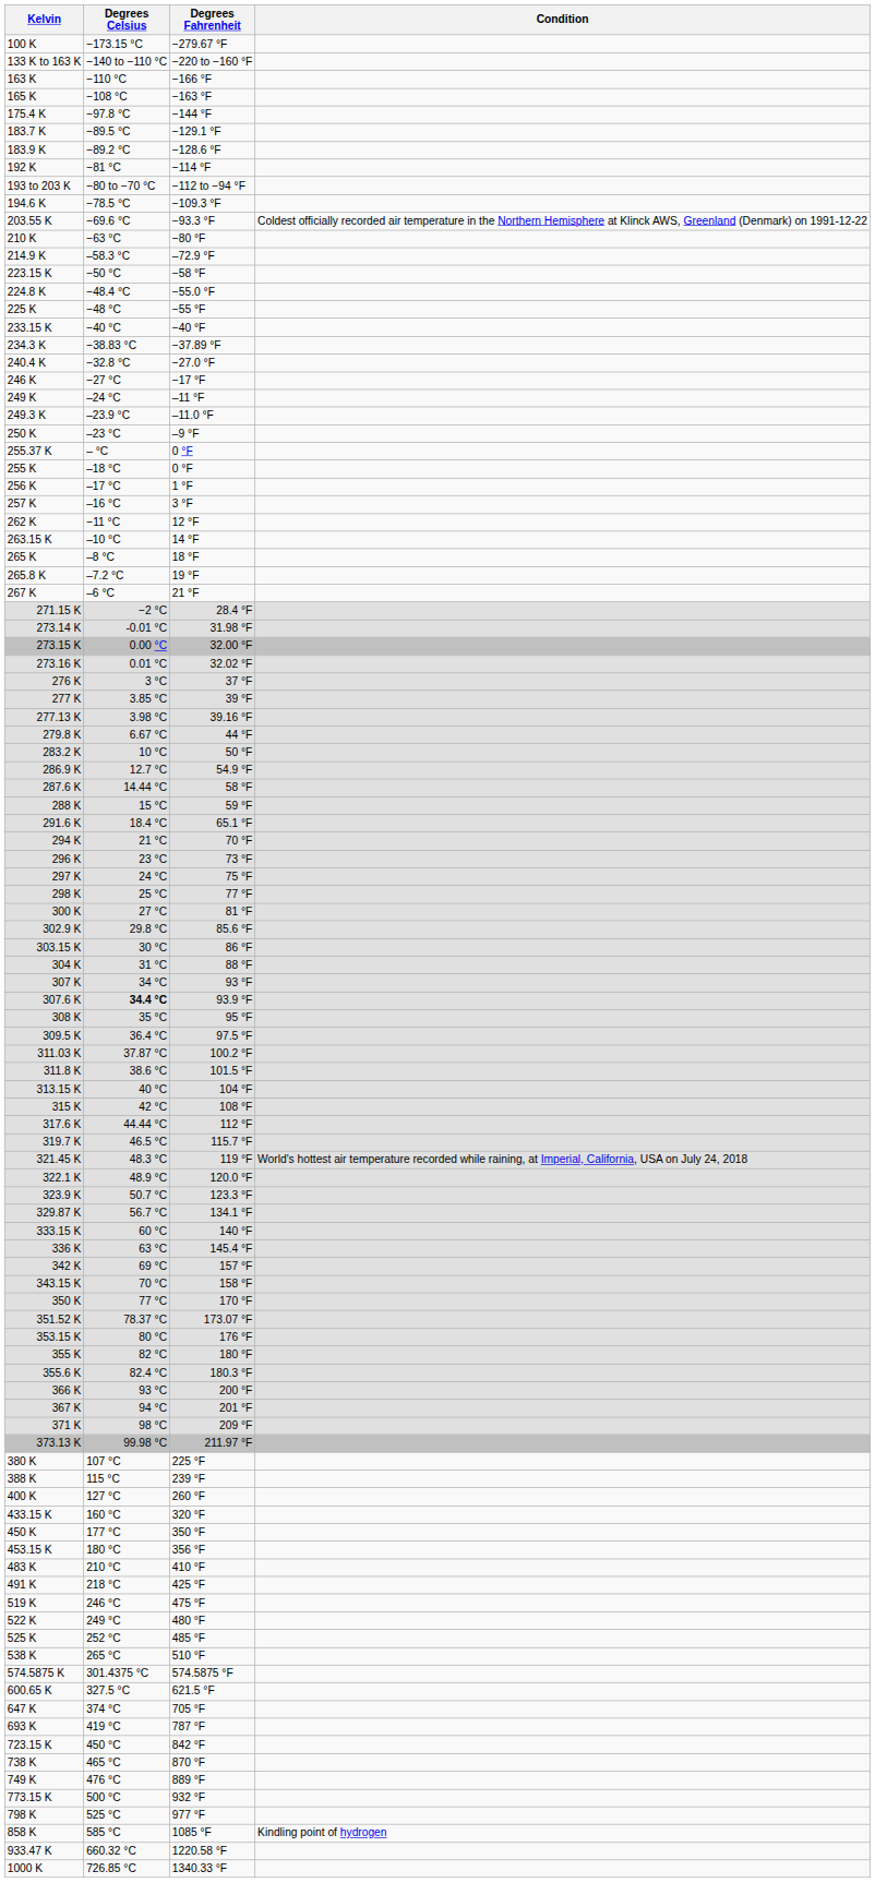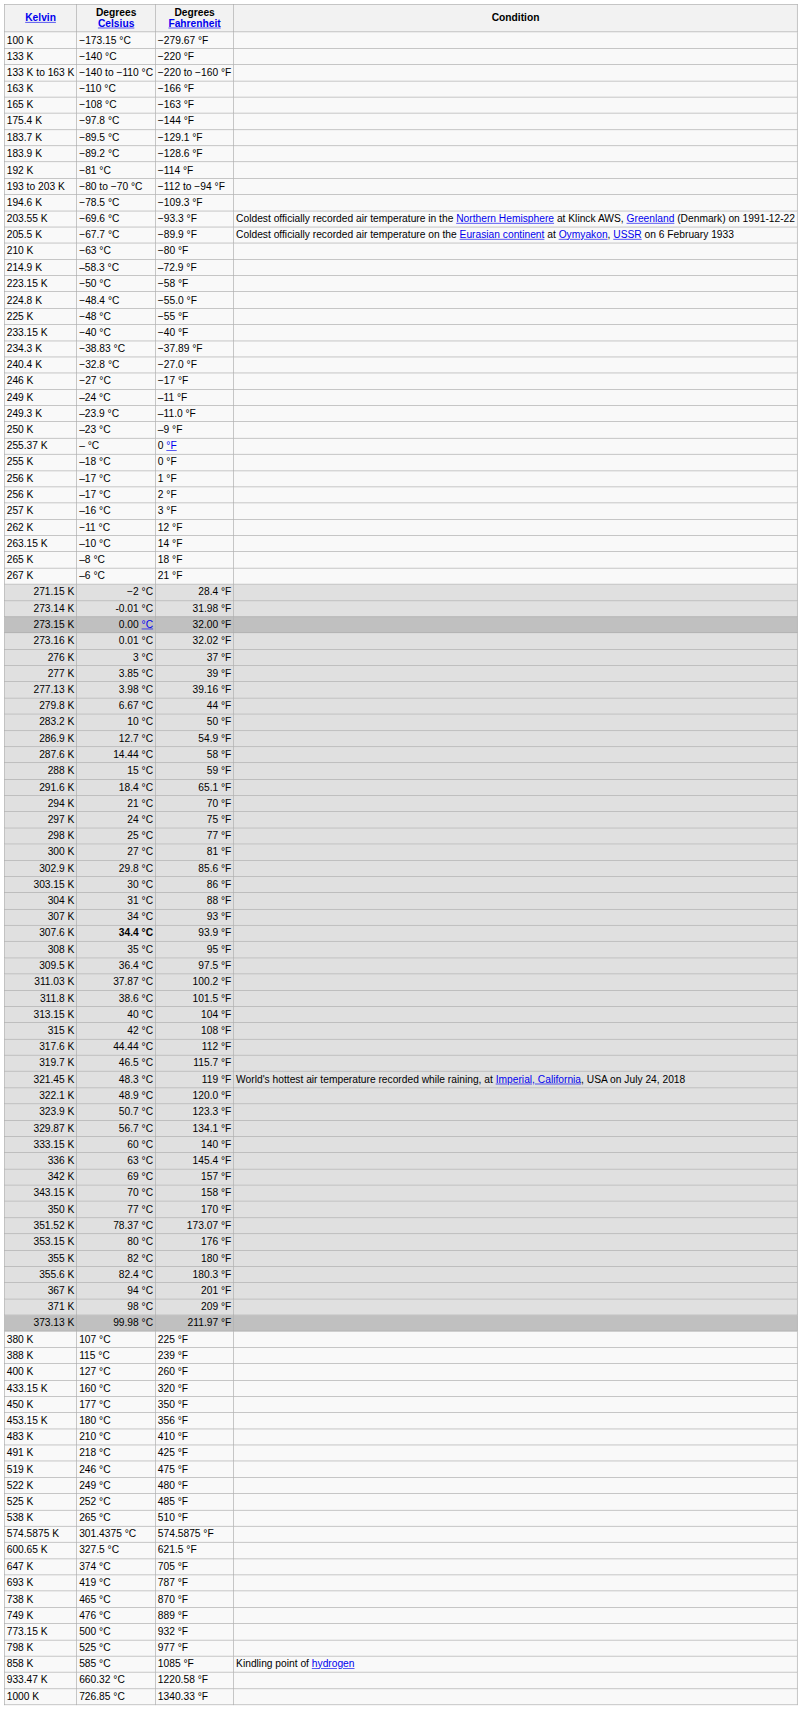 <table class="wikitable" style="align:right">
 <tr>
 <th><a href='#'>Kelvin</a></th>
 <th>Degrees<br><a href='#'>Celsius</a></th>
 <th>Degrees<br><a href='#'>Fahrenheit</a></th>
 <th>Condition</th>
 </tr>
 <tr>
 <td>100 K</td>
 <td>−173.15 °C</td>
 <td>−279.67 °F</td>
+<td style="text-align:left"></td>
+</tr>
+<tr>
+<td>133 K</td>
+<td>−140 °C</td>
+<td>−220 °F</td>
 <td style="text-align:left"></td>
 </tr>
 <tr>
 <td>133 K to 163 K</td>
 <td>−140 to −110 °C</td>
 <td>−220 to −160 °F</td>
 <td style="text-align:left"></td>
 </tr>
 <tr>
 <td>163 K</td>
 <td>−110 °C</td>
 <td>−166 °F</td>
 <td style="text-align:left"></td>
 </tr>
 <tr>
 <td>165 K</td>
 <td>−108 °C</td>
 <td>−163 °F</td>
 <td style="text-align:left"></td>
 </tr>
 <tr>
 <td>175.4 K</td>
 <td>−97.8 °C</td>
 <td>−144 °F</td>
 <td style="text-align:left"></td>
 </tr>
 <tr>
 <td>183.7 K</td>
 <td>−89.5 °C</td>
 <td>−129.1 °F</td>
 <td style="text-align:left"></td>
 </tr>
 <tr>
 <td>183.9 K</td>
 <td>−89.2 °C</td>
 <td>−128.6 °F</td>
 <td style="text-align:left"></td>
 </tr>
 <tr>
 <td>192 K</td>
 <td>−81 °C</td>
 <td>−114 °F</td>
 <td style="text-align:left"></td>
 </tr>
 <tr>
 <td>193 to 203 K</td>
 <td>−80 to −70 °C</td>
 <td>−112 to −94 °F</td>
 <td style="text-align:left"></td>
 </tr>
 <tr>
 <td>194.6 K</td>
 <td>−78.5 °C</td>
 <td>−109.3 °F</td>
 <td style="text-align:left"></td>
 </tr>
 <tr>
 <td>203.55 K</td>
 <td>−69.6 °C</td>
 <td>−93.3 °F</td>
 <td align="left">Coldest officially recorded air temperature in the <a href='#'>Northern Hemisphere</a> at Klinck AWS, <a href='#'>Greenland</a> (Denmark) on 1991-12-22</td>
+</tr>
+<tr>
+<td>205.5 K</td>
+<td>−67.7 °C</td>
+<td>−89.9 °F</td>
+<td align="left">Coldest officially recorded air temperature on the <a href='#'>Eurasian continent</a> at <a href='#'>Oymyakon</a>, <a href='#'>USSR</a> on 6 February 1933</td>
 </tr>
 <tr>
 <td>210 K</td>
 <td>−63 °C</td>
 <td>−80 °F</td>
 <td style="text-align:left"></td>
 </tr>
 <tr>
 <td>214.9 K</td>
 <td>–58.3 °C</td>
 <td>–72.9 °F</td>
 <td style="text-align:left"></td>
 </tr>
 <tr>
 <td>223.15 K</td>
 <td>−50 °C</td>
 <td>−58 °F</td>
 <td style="text-align:left"></td>
 </tr>
 <tr>
 <td>224.8 K</td>
 <td>−48.4 °C</td>
 <td>−55.0 °F</td>
 <td style="text-align:left"></td>
 </tr>
 <tr>
 <td>225 K</td>
 <td>−48 °C</td>
 <td>−55 °F</td>
 <td style="text-align:left"></td>
 </tr>
 <tr>
 <td>233.15 K</td>
 <td>−40 °C</td>
 <td>−40 °F</td>
 <td style="text-align:left"></td>
 </tr>
 <tr>
 <td>234.3 K</td>
 <td>−38.83 °C</td>
 <td>−37.89 °F</td>
 <td style="text-align:left"></td>
 </tr>
 <tr>
 <td>240.4 K</td>
 <td>−32.8 °C</td>
 <td>−27.0 °F</td>
 <td style="text-align:left"></td>
 </tr>
 <tr>
 <td>246 K</td>
 <td>−27 °C</td>
 <td>−17 °F</td>
 <td style="text-align:left"></td>
 </tr>
 <tr>
 <td>249 K</td>
 <td>–24 °C</td>
 <td>–11 °F</td>
 <td style="text-align:left"></td>
 </tr>
 <tr>
 <td>249.3 K</td>
 <td>–23.9 °C</td>
 <td>–11.0 °F</td>
 <td style="text-align:left"></td>
 </tr>
 <tr>
 <td>250 K</td>
 <td>–23 °C</td>
 <td>–9 °F</td>
 <td style="text-align:left"></td>
 </tr>
 <tr>
 <td>255.37 K</td>
 <td>– °C</td>
 <td>0 <a href='#'>°F</a></td>
 <td style="text-align:left"></td>
 </tr>
 <tr>
 <td>255 K</td>
 <td>–18 °C</td>
 <td>0 °F</td>
 <td style="text-align:left"></td>
 </tr>
 <tr>
 <td>256 K</td>
 <td>–17 °C</td>
 <td>1 °F</td>
 <td style="text-align:left"></td>
 </tr>
 <tr>
+<td>256 K</td>
+<td>–17 °C</td>
+<td>2 °F</td>
+<td style="text-align:left"></td>
+</tr>
+<tr>
 <td>257 K</td>
 <td>–16 °C</td>
 <td>3 °F</td>
 <td style="text-align:left"></td>
 </tr>
 <tr>
 <td>262 K</td>
 <td>−11 °C</td>
 <td>12 °F</td>
 <td style="text-align:left"></td>
 </tr>
 <tr>
 <td>263.15 K</td>
 <td>–10 °C</td>
 <td>14 °F</td>
 <td style="text-align:left"></td>
 </tr>
 <tr>
 <td>265 K</td>
 <td>–8 °C</td>
 <td>18 °F</td>
-<td style="text-align:left"></td>
-</tr>
-<tr>
-<td>265.8 K</td>
-<td>–7.2 °C</td>
-<td>19 °F</td>
 <td style="text-align:left"></td>
 </tr>
 <tr>
 <td>267 K</td>
 <td>–6 °C</td>
 <td>21 °F</td>
 <td style="text-align:left"></td>
 </tr>
 <tr bgcolor=#E0E0E0 align=right>
 <td>271.15 K</td>
 <td>−2 °C</td>
 <td>28.4 °F</td>
 <td style="text-align:left"></td>
 </tr>
 <tr bgcolor=#E0E0E0 align=right>
 <td>273.14 K</td>
 <td>-0.01 °C</td>
 <td>31.98 °F</td>
 <td style="text-align:left"></td>
 </tr>
 <tr bgcolor=#C0C0C0 align=right>
 <td>273.15 K</td>
 <td>0.00 <a href='#'>°C</a></td>
 <td>32.00 °F</td>
 <td style="text-align:left"></td>
 </tr>
 <tr bgcolor=#E0E0E0 align=right>
 <td>273.16 K</td>
 <td>0.01 °C</td>
 <td>32.02 °F</td>
 <td style="text-align:left"></td>
 </tr>
 <tr bgcolor=#E0E0E0 align=right>
 <td>276 K</td>
 <td>3 °C</td>
 <td>37 °F</td>
 <td style="text-align:left"></td>
 </tr>
 <tr bgcolor=#E0E0E0 align=right>
 <td>277 K</td>
 <td>3.85 °C</td>
 <td>39 °F</td>
 <td style="text-align:left"></td>
 </tr>
 <tr bgcolor=#E0E0E0 align=right>
 <td>277.13 K</td>
 <td>3.98 °C</td>
 <td>39.16 °F</td>
 <td style="text-align:left"></td>
 </tr>
 <tr bgcolor=#E0E0E0 align=right>
 <td>279.8 K</td>
 <td>6.67 °C</td>
 <td>44 °F</td>
 <td style="text-align:left"></td>
 </tr>
 <tr bgcolor=#E0E0E0 align=right>
 <td>283.2 K</td>
 <td>10 °C</td>
 <td>50 °F</td>
 <td style="text-align:left"></td>
 </tr>
 <tr bgcolor=#E0E0E0 align=right>
 <td>286.9 K</td>
 <td>12.7 °C</td>
 <td>54.9 °F</td>
 <td style="text-align:left"></td>
 </tr>
 <tr bgcolor=#E0E0E0 align=right>
 <td>287.6 K</td>
 <td>14.44 °C</td>
 <td>58 °F</td>
 <td style="text-align:left"></td>
 </tr>
 <tr bgcolor=#E0E0E0 align=right>
 <td>288 K</td>
 <td>15 °C</td>
 <td>59 °F</td>
 <td style="text-align:left"></td>
 </tr>
 <tr bgcolor=#E0E0E0 align=right>
 <td>291.6 K</td>
 <td>18.4 °C</td>
 <td>65.1 °F</td>
 <td style="text-align:left"></td>
 </tr>
 <tr bgcolor=#E0E0E0 align=right>
 <td>294 K</td>
 <td>21 °C</td>
 <td>70 °F</td>
-<td style="text-align:left"></td>
-</tr>
-<tr bgcolor=#E0E0E0 align=right>
-<td>296 K</td>
-<td>23 °C</td>
-<td>73 °F</td>
 <td style="text-align:left"></td>
 </tr>
 <tr bgcolor=#E0E0E0 align=right>
 <td>297 K</td>
 <td>24 °C</td>
 <td>75 °F</td>
 <td style="text-align:left"></td>
 </tr>
 <tr bgcolor=#E0E0E0 align=right>
 <td>298 K</td>
 <td>25 °C</td>
 <td>77 °F</td>
 <td style="text-align:left"></td>
 </tr>
 <tr bgcolor=#E0E0E0 align=right>
 <td>300 K</td>
 <td>27 °C</td>
 <td>81 °F</td>
 <td style="text-align:left"></td>
 </tr>
 <tr bgcolor=#E0E0E0 align=right>
 <td>302.9 K</td>
 <td>29.8 °C</td>
 <td>85.6 °F</td>
 <td style="text-align:left"></td>
 </tr>
 <tr bgcolor=#E0E0E0 align=right>
 <td>303.15 K</td>
 <td>30 °C</td>
 <td>86 °F</td>
 <td style="text-align:left"></td>
 </tr>
 <tr bgcolor=#E0E0E0 align=right>
 <td>304 K</td>
 <td>31 °C</td>
 <td>88 °F</td>
 <td style="text-align:left"></td>
 </tr>
 <tr bgcolor=#E0E0E0 align=right>
 <td>307 K</td>
 <td>34 °C</td>
 <td>93 °F</td>
 <td style="text-align:left"></td>
 </tr>
 <tr bgcolor=#E0E0E0 align=right>
 <td>307.6 K</td>
 <td><strong>34.4 °C</strong></td>
 <td>93.9 °F</td>
 <td style="text-align:left"></td>
 </tr>
 <tr bgcolor=#E0E0E0 align=right>
 <td>308 K</td>
 <td>35 °C</td>
 <td>95 °F</td>
 <td style="text-align:left"></td>
 </tr>
 <tr bgcolor=#E0E0E0 align=right>
 <td>309.5 K</td>
 <td>36.4 °C</td>
 <td>97.5 °F</td>
 <td style="text-align:left"></td>
 </tr>
 <tr bgcolor=#E0E0E0 align=right>
 <td>311.03 K</td>
 <td>37.87 °C</td>
 <td>100.2 °F</td>
 <td style="text-align:left"></td>
 </tr>
 <tr bgcolor=#E0E0E0 align=right>
 <td>311.8 K</td>
 <td>38.6 °C</td>
 <td>101.5 °F</td>
 <td style="text-align:left"></td>
 </tr>
 <tr bgcolor=#E0E0E0 align=right>
 <td>313.15 K</td>
 <td>40 °C</td>
 <td>104 °F</td>
 <td style="text-align:left"></td>
 </tr>
 <tr bgcolor=#E0E0E0 align=right>
 <td>315 K</td>
 <td>42 °C</td>
 <td>108 °F</td>
 <td style="text-align:left"></td>
 </tr>
 <tr bgcolor=#E0E0E0 align=right>
 <td>317.6 K</td>
 <td>44.44 °C</td>
 <td>112 °F</td>
 <td style="text-align:left"></td>
 </tr>
 <tr bgcolor=#E0E0E0 align=right>
 <td>319.7 K</td>
 <td>46.5 °C</td>
 <td>115.7 °F</td>
 <td style="text-align:left"></td>
 </tr>
 <tr bgcolor="#E0E0E0" align="right">
 <td>321.45 K</td>
 <td>48.3 °C</td>
 <td>119 °F</td>
 <td align="left">World's hottest air temperature recorded while raining, at <a href='#'>Imperial, California</a>, USA on July 24, 2018</td>
 </tr>
 <tr bgcolor=#E0E0E0 align=right>
 <td>322.1 K</td>
 <td>48.9 °C</td>
 <td>120.0 °F</td>
 <td style="text-align:left"></td>
 </tr>
 <tr bgcolor=#E0E0E0 align=right>
 <td>323.9 K</td>
 <td>50.7 °C</td>
 <td>123.3 °F</td>
 <td style="text-align:left"></td>
 </tr>
 <tr bgcolor=#E0E0E0 align=right>
 <td>329.87 K</td>
 <td>56.7 °C</td>
 <td>134.1 °F</td>
 <td style="text-align:left"></td>
 </tr>
 <tr bgcolor=#E0E0E0 align=right>
 <td>333.15 K</td>
 <td>60 °C</td>
 <td>140 °F</td>
 <td style="text-align:left"></td>
 </tr>
 <tr bgcolor=#E0E0E0 align=right>
 <td>336 K</td>
 <td>63 °C</td>
 <td>145.4 °F</td>
 <td style="text-align:left"></td>
 </tr>
 <tr bgcolor=#E0E0E0 align=right>
 <td>342 K</td>
 <td>69 °C</td>
 <td>157 °F</td>
 <td style="text-align:left"></td>
 </tr>
 <tr bgcolor=#E0E0E0 align=right>
 <td>343.15 K</td>
 <td>70 °C</td>
 <td>158 °F</td>
 <td style="text-align:left"></td>
 </tr>
 <tr bgcolor=#E0E0E0 align=right>
 <td>350 K</td>
 <td>77 °C</td>
 <td>170 °F</td>
 <td style="text-align:left"></td>
 </tr>
 <tr bgcolor=#E0E0E0 align=right>
 <td>351.52 K</td>
 <td>78.37 °C</td>
 <td>173.07 °F</td>
 <td style="text-align:left"></td>
 </tr>
 <tr bgcolor=#E0E0E0 align=right>
 <td>353.15 K</td>
 <td>80 °C</td>
 <td>176 °F</td>
 <td style="text-align:left"></td>
 </tr>
 <tr bgcolor=#E0E0E0 align=right>
 <td>355 K</td>
 <td>82 °C</td>
 <td>180 °F</td>
 <td style="text-align:left"></td>
 </tr>
 <tr bgcolor=#E0E0E0 align=right>
 <td>355.6 K</td>
 <td>82.4 °C</td>
 <td>180.3 °F</td>
 <td style="text-align:left"></td>
 </tr>
 <tr bgcolor=#E0E0E0 align=right>
-<td>366 K</td>
-<td>93 °C</td>
-<td>200 °F</td>
-<td style="text-align:left"></td>
-</tr>
-<tr bgcolor=#E0E0E0 align=right>
 <td>367 K</td>
 <td>94 °C</td>
 <td>201 °F</td>
 <td style="text-align:left"></td>
 </tr>
 <tr bgcolor=#E0E0E0 align=right>
 <td>371 K</td>
 <td>98 °C</td>
 <td>209 °F</td>
 <td style="text-align:left"></td>
 </tr>
 <tr bgcolor=#C0C0C0 align=right>
 <td>373.13 K</td>
 <td>99.98 °C</td>
 <td>211.97 °F</td>
 <td style="text-align:left"></td>
 </tr>
 <tr>
 <td>380 K</td>
 <td>107 °C</td>
 <td>225 °F</td>
 <td style="text-align:left"></td>
 </tr>
 <tr>
 <td>388 K</td>
 <td>115 °C</td>
 <td>239 °F</td>
 <td style="text-align:left"></td>
 </tr>
 <tr>
 <td>400 K</td>
 <td>127 °C</td>
 <td>260 °F</td>
 <td style="text-align:left"></td>
 </tr>
 <tr>
 <td>433.15 K</td>
 <td>160 °C</td>
 <td>320 °F</td>
 <td style="text-align:left"></td>
 </tr>
 <tr>
 <td>450 K</td>
 <td>177 °C</td>
 <td>350 °F</td>
 <td style="text-align:left"></td>
 </tr>
 <tr>
 <td>453.15 K</td>
 <td>180 °C</td>
 <td>356 °F</td>
 <td style="text-align:left"></td>
 </tr>
 <tr>
 <td>483 K</td>
 <td>210 °C</td>
 <td>410 °F</td>
 <td style="text-align:left"></td>
 </tr>
 <tr>
 <td>491 K</td>
 <td>218 °C</td>
 <td>425 °F</td>
 <td style="text-align:left"></td>
 </tr>
 <tr>
 <td>519 K</td>
 <td>246 °C</td>
 <td>475 °F</td>
 <td style="text-align:left"></td>
 </tr>
 <tr>
 <td>522 K</td>
 <td>249 °C</td>
 <td>480 °F</td>
 <td style="text-align:left"></td>
 </tr>
 <tr>
 <td>525 K</td>
 <td>252 °C</td>
 <td>485 °F</td>
 <td style="text-align:left"></td>
 </tr>
 <tr>
 <td>538 K</td>
 <td>265 °C</td>
 <td>510 °F</td>
 <td style="text-align:left"></td>
 </tr>
 <tr>
 <td>574.5875 K</td>
 <td>301.4375 °C</td>
 <td>574.5875 °F</td>
 <td style="text-align:left"></td>
 </tr>
 <tr>
 <td>600.65 K</td>
 <td>327.5 °C</td>
 <td>621.5 °F</td>
 <td style="text-align:left"></td>
 </tr>
 <tr>
 <td>647 K</td>
 <td>374 °C</td>
 <td>705 °F</td>
 <td style="text-align:left"></td>
 </tr>
 <tr>
 <td>693 K</td>
 <td>419 °C</td>
 <td>787 °F</td>
 <td style="text-align:left"></td>
 </tr>
 <tr>
-<td>723.15 K</td>
-<td>450 °C</td>
-<td>842 °F</td>
-<td style="text-align:left"></td>
-</tr>
-<tr>
 <td>738 K</td>
 <td>465 °C</td>
 <td>870 °F</td>
 <td style="text-align:left"></td>
 </tr>
 <tr>
 <td>749 K</td>
 <td>476 °C</td>
 <td>889 °F</td>
 <td style="text-align:left"></td>
 </tr>
 <tr>
 <td>773.15 K</td>
 <td>500 °C</td>
 <td>932 °F</td>
 <td style="text-align:left"></td>
 </tr>
 <tr>
 <td>798 K</td>
 <td>525 °C</td>
 <td>977 °F</td>
 <td style="text-align:left"></td>
 </tr>
 <tr>
 <td>858 K</td>
 <td>585 °C</td>
 <td>1085 °F</td>
 <td align="left">Kindling point of <a href='#'>hydrogen</a></td>
 </tr>
 <tr>
 <td>933.47 K</td>
 <td>660.32 °C</td>
 <td>1220.58 °F</td>
 <td style="text-align:left"></td>
 </tr>
 <tr>
 <td>1000 K</td>
 <td>726.85 °C</td>
 <td>1340.33 °F</td>
 <td style="text-align:left"></td>
 </tr>
 </table>
